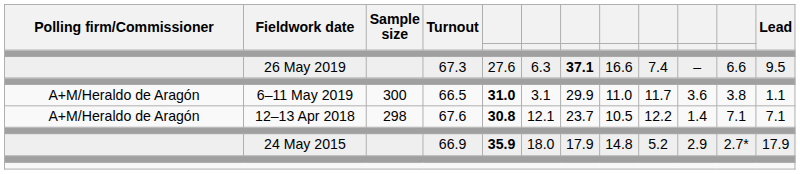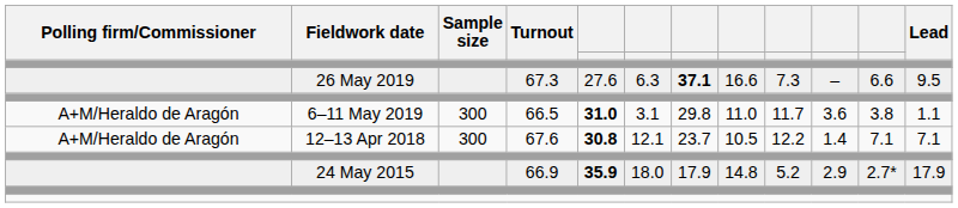 <table class="wikitable collapsible collapsed" style="text-align:center; font-size:95%; line-height:16px;">
 <tr style="height:42px;">
 <th style="width:250px;" rowspan="2">Polling firm/Commissioner</th>
 <th style="width:125px;" rowspan="2">Fieldwork date</th>
 <th style="width:50px;" rowspan="2">Sample size</th>
 <th style="width:45px;" rowspan="2">Turnout</th>
 <th style="width:35px;"></th>
 <th style="width:35px;"></th>
 <th style="width:35px;"></th>
 <th style="width:35px;"></th>
 <th style="width:35px;"></th>
 <th style="width:35px;"></th>
 <th style="width:35px;"></th>
 <th style="width:30px;" rowspan="2">Lead</th>
 </tr>
 <tr>
 <th style="color:inherit;background:"></th>
 <th style="color:inherit;background:"></th>
 <th style="color:inherit;background:"></th>
 <th style="color:inherit;background:"></th>
 <th style="color:inherit;background:"></th>
 <th style="color:inherit;background:"></th>
 <th style="color:inherit;background:"></th>
 </tr>
 <tr>
 <td colspan="12" style="background:#A0A0A0"></td>
 </tr>
 <tr style="background:#EFEFEF;">
 <td><strong></strong></td>
 <td>26 May 2019</td>
 <td></td>
 <td>67.3</td>
 <td>27.6<br></td>
 <td>6.3<br></td>
 <td><strong>37.1</strong><br></td>
 <td>16.6<br></td>
-<td>7.4<br></td>
+<td>7.3<br></td>
 <td>–</td>
 <td>6.6<br></td>
 <td style="background:">9.5</td>
 </tr>
 <tr>
 <td colspan="12" style="background:#A0A0A0"></td>
 </tr>
 <tr>
 <td>A+M/Heraldo de Aragón</td>
 <td>6–11 May 2019</td>
 <td>300</td>
 <td>66.5</td>
 <td><strong>31.0</strong><br></td>
 <td>3.1<br></td>
-<td>29.9<br></td>
+<td>29.8<br></td>
 <td>11.0<br></td>
 <td>11.7<br></td>
 <td>3.6<br></td>
 <td>3.8<br></td>
 <td style="background:">1.1</td>
 </tr>
 <tr>
 <td>A+M/Heraldo de Aragón</td>
 <td>12–13 Apr 2018</td>
-<td>298</td>
+<td>300</td>
 <td>67.6</td>
 <td><strong>30.8</strong><br></td>
 <td>12.1<br></td>
 <td>23.7<br></td>
 <td>10.5<br></td>
 <td>12.2<br></td>
 <td>1.4<br></td>
 <td>7.1<br></td>
 <td style="background:">7.1</td>
 </tr>
 <tr>
 <td colspan="12" style="background:#A0A0A0"></td>
 </tr>
 <tr style="background:#EFEFEF;">
 <td><strong></strong></td>
 <td>24 May 2015</td>
 <td></td>
 <td>66.9</td>
 <td><strong>35.9</strong><br></td>
 <td>18.0<br></td>
 <td>17.9<br></td>
 <td>14.8<br></td>
 <td>5.2<br></td>
 <td>2.9<br></td>
 <td>2.7*<br></td>
 <td style="background:">17.9</td>
 </tr>
 <tr>
 <td colspan="12" style="background:#A0A0A0"></td>
 </tr>
 <tr>
 <td align="left" colspan="12"></td>
 </tr>
 </table>
